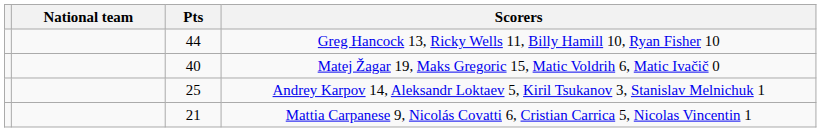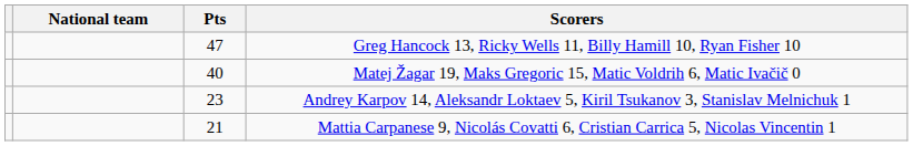 <table class=wikitable style="font-size: 95%">
 <tr>
 <th></th>
 <th width=150>National team</th>
 <th width=50>Pts</th>
 <th width=600>Scorers</th>
 </tr>
 <tr align=center >
 <td></td>
 <td align=left></td>
-<td>44</td>
+<td>47</td>
 <td><a href='#'>Greg Hancock</a> 13, <a href='#'>Ricky Wells</a> 11, <a href='#'>Billy Hamill</a> 10, <a href='#'>Ryan Fisher</a> 10</td>
 </tr>
 <tr align=center>
 <td></td>
 <td align=left></td>
 <td>40</td>
 <td><a href='#'>Matej Žagar</a> 19, <a href='#'>Maks Gregoric</a> 15, <a href='#'>Matic Voldrih</a> 6, <a href='#'>Matic Ivačič</a> 0</td>
 </tr>
 <tr align=center>
 <td></td>
 <td align=left></td>
-<td>25</td>
+<td>23</td>
 <td><a href='#'>Andrey Karpov</a> 14, <a href='#'>Aleksandr Loktaev</a> 5, <a href='#'>Kiril Tsukanov</a> 3, <a href='#'>Stanislav Melnichuk</a> 1</td>
 </tr>
 <tr align=center>
 <td></td>
 <td align=left></td>
 <td>21</td>
 <td><a href='#'>Mattia Carpanese</a> 9, <a href='#'>Nicolás Covatti</a> 6, <a href='#'>Cristian Carrica</a> 5, <a href='#'>Nicolas Vincentin</a> 1</td>
 </tr>
 </table>
